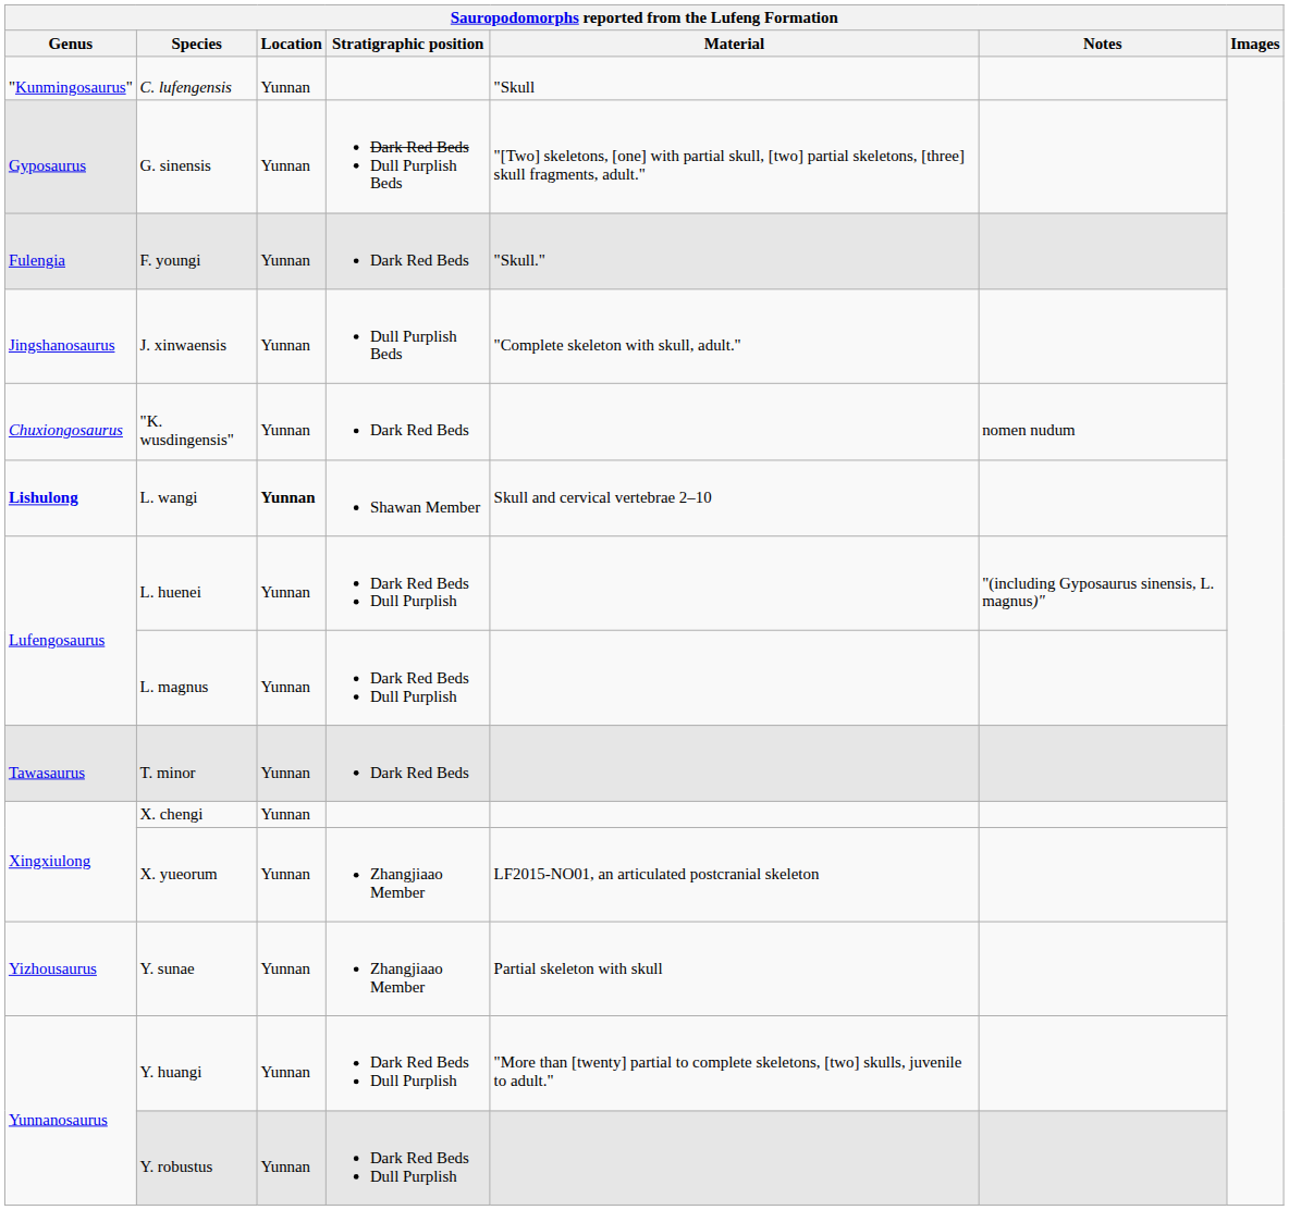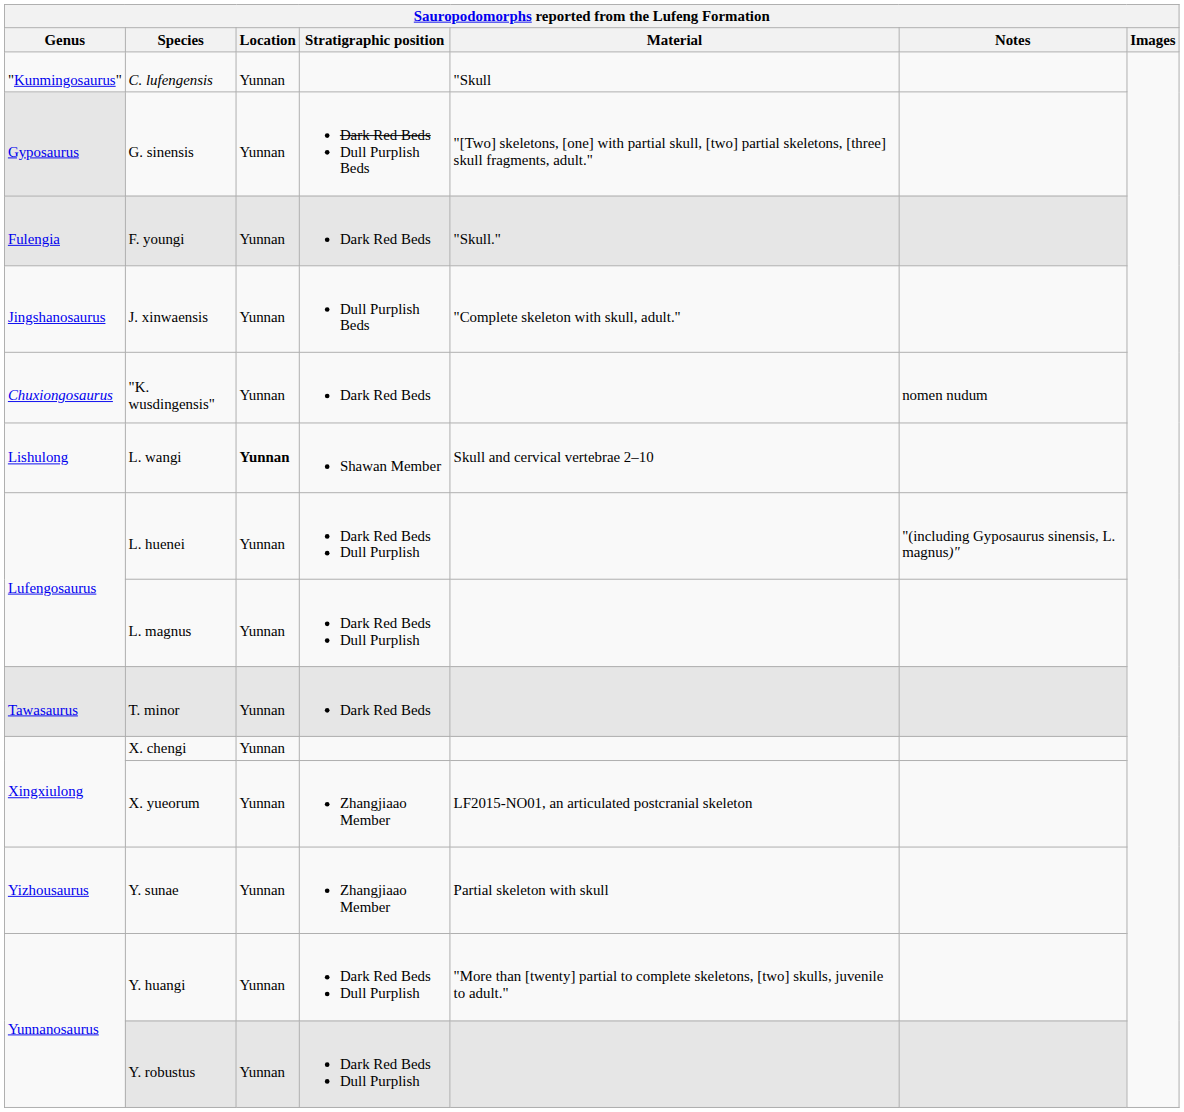 <table class="wikitable"  style="margin:auto; width:100%;">
 <tr>
 <th colspan="7" style="text-align:center;"><a href='#'>Sauropodomorphs</a> reported from the Lufeng Formation</th>
 </tr>
 <tr>
 <th>Genus</th>
 <th>Species</th>
 <th>Location</th>
 <th>Stratigraphic position</th>
 <th>Material</th>
 <th>Notes</th>
 <th>Images</th>
 </tr>
 <tr>
 <td><br>"<a href='#'>Kunmingosaurus</a>"</td>
 <td><br><em>C. lufengensis</em></td>
 <td><br>Yunnan</td>
 <td></td>
 <td><br>"Skull<em></td>
 <td></td>
 <td rowspan="102"><br>     </td>
 </tr>
 <tr>
 <td style="background:#E6E6E6;"><br></em><a href='#'>Gyposaurus</a><em></td>
 <td><br></em>G. sinensis<em></td>
 <td><br>Yunnan</td>
 <td><br><ul><li><s>Dark Red Beds</s></li><li>Dull Purplish Beds</li></ul></td>
 <td><br>"[Two] skeletons, [one] with partial skull, [two] partial skeletons, [three] skull fragments, adult."</td>
 <td></td>
 </tr>
 <tr>
 <td style="background:#E6E6E6;"><br></em><a href='#'>Fulengia</a><em></td>
 <td style="background:#E6E6E6;"><br></em>F. youngi<em></td>
 <td style="background:#E6E6E6;"><br>Yunnan</td>
 <td style="background:#E6E6E6;"><br><ul><li>Dark Red Beds</li></ul></td>
 <td style="background:#E6E6E6;"><br>"Skull."</td>
 <td style="background:#E6E6E6;"></td>
 </tr>
 <tr>
 <td><br></em><a href='#'>Jingshanosaurus</a><em></td>
 <td><br></em>J. xinwaensis<em></td>
 <td><br>Yunnan</td>
 <td><br><ul><li>Dull Purplish Beds</li></ul></td>
 <td><br>"Complete skeleton with skull, adult."</td>
 <td></td>
 </tr>
 <tr>
 <td><br><em><a href='#'>Chuxiongosaurus</a></em></td>
 <td><br>"K. wusdingensis"</td>
 <td><br>Yunnan</td>
 <td><br><ul><li>Dark Red Beds</li></ul></td>
 <td></td>
 <td><br></em>nomen nudum<em></td>
 </tr>
 <tr>
-<td><strong></em><a href='#'>Lishulong</a><em></strong></td>
+<td></em><a href='#'>Lishulong</a><em></td>
 <td></em>L. wangi<em></td>
 <td><strong>Yunnan</strong></td>
 <td><br><ul><li>Shawan Member</li></ul></td>
 <td>Skull and cervical vertebrae 2–10</td>
 <td></td>
 </tr>
 <tr>
 <td rowspan="2"><br></em><a href='#'>Lufengosaurus</a><em></td>
 <td><br></em>L. huenei<em></td>
 <td><br>Yunnan</td>
 <td><br><ul><li>Dark Red Beds</li><li>Dull Purplish</li></ul></td>
 <td></td>
 <td><br>"(including </em>Gyposaurus sinensis<em>, </em>L. magnus<em>)"</td>
 </tr>
 <tr>
 <td><br></em>L. magnus<em></td>
 <td><br>Yunnan</td>
 <td><br><ul><li>Dark Red Beds</li><li>Dull Purplish</li></ul></td>
 <td></td>
 <td></td>
 </tr>
 <tr>
 <td style="background:#E6E6E6;"><br></em><a href='#'>Tawasaurus</a><em></td>
 <td style="background:#E6E6E6;"><br></em>T. minor<em></td>
 <td style="background:#E6E6E6;"><br>Yunnan</td>
 <td style="background:#E6E6E6;"><br><ul><li>Dark Red Beds</li></ul></td>
 <td style="background:#E6E6E6;"></td>
 <td style="background:#E6E6E6;"></td>
 </tr>
 <tr>
 <td rowspan="2"></em><a href='#'>Xingxiulong</a><em></td>
 <td></em>X. chengi<em></td>
 <td>Yunnan</td>
 <td></td>
 <td></td>
 <td></td>
 </tr>
 <tr>
 <td></em>X. yueorum<em></td>
 <td>Yunnan</td>
 <td><br><ul><li>Zhangjiaao Member</li></ul></td>
 <td>LF2015-NO01, an articulated postcranial skeleton</td>
 <td></td>
 </tr>
 <tr>
 <td></em><a href='#'>Yizhousaurus</a><em></td>
 <td></em>Y. sunae<em></td>
 <td>Yunnan</td>
 <td><br><ul><li>Zhangjiaao Member</li></ul></td>
 <td>Partial skeleton with skull</td>
 <td></td>
 </tr>
 <tr>
 <td rowspan="2"><br></em><a href='#'>Yunnanosaurus</a><em></td>
 <td><br></em>Y. huangi<em></td>
 <td><br>Yunnan</td>
 <td><br><ul><li>Dark Red Beds</li><li>Dull Purplish</li></ul></td>
 <td><br>"More than [twenty] partial to complete skeletons, [two] skulls, juvenile to adult."</td>
 <td></td>
 </tr>
 <tr>
 <td style="background:#E6E6E6;"><br></em>Y. robustus<em></td>
 <td style="background:#E6E6E6;"><br>Yunnan</td>
 <td style="background:#E6E6E6;"><br><ul><li>Dark Red Beds</li><li>Dull Purplish</li></ul></td>
 <td style="background:#E6E6E6;"></td>
 <td style="background:#E6E6E6;"></td>
 </tr>
 </table>
